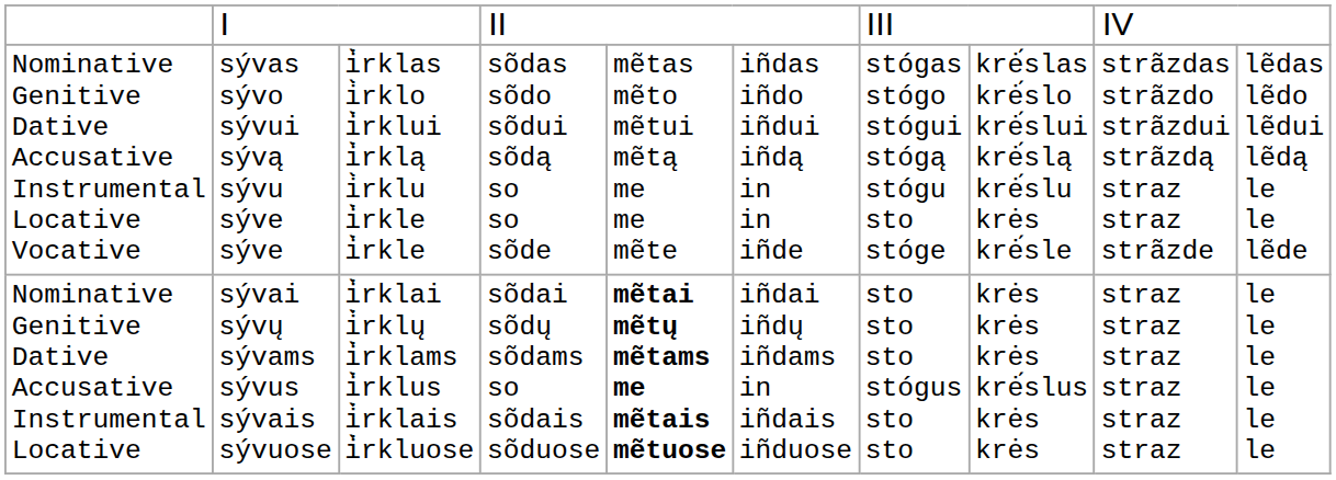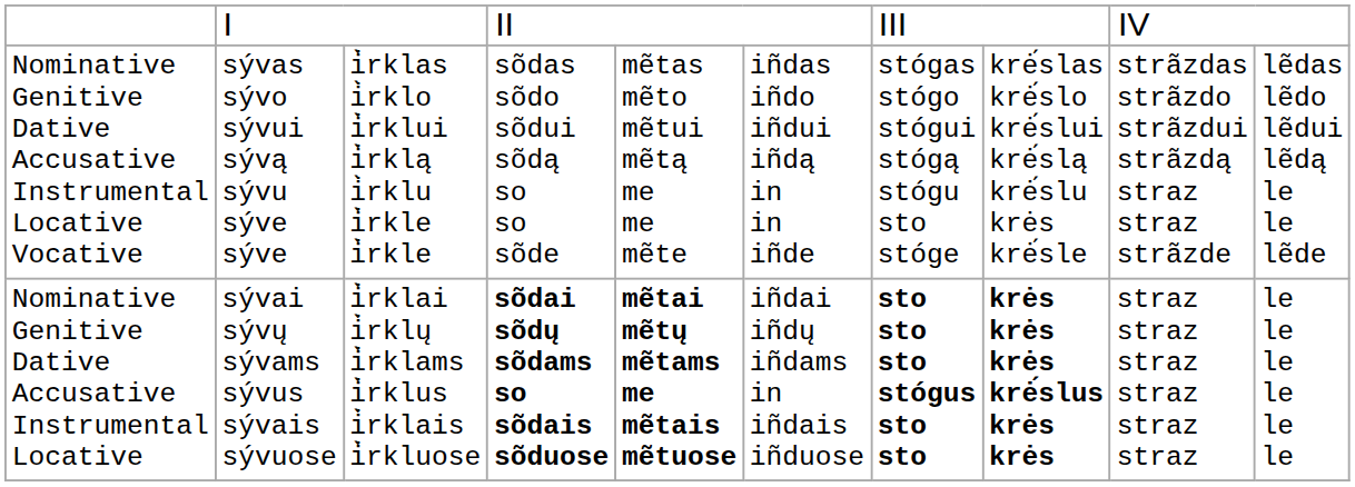 <table class=wikitable style="font-family: monospace; background:#FFFFFF">
 <tr style="font-family: sans-serif; line-height: 0.7em">
 <td></td>
 <td colspan=2>I</td>
 <td colspan=3>II</td>
 <td colspan=2>III</td>
 <td colspan=2>IV</td>
 </tr>
 <tr>
 <td>Nominative<br>Genitive<br>Dative<br>Accusative<br>Instrumental<br>Locative<br>Vocative</td>
 <td>sývas<br>sývo<br>sývui<br>sývą<br>sývu<br>sýve<br>sýve</td>
 <td>i̇̀rklas<br>i̇̀rklo<br>i̇̀rklui<br>i̇̀rklą<br>i̇̀rklu<br>i̇̀rkle<br>i̇̀rkle</td>
 <td>sõdas<br>sõdo<br>sõdui<br>sõdą<br>so<br>so<br>sõde</td>
 <td>mẽtas<br>mẽto<br>mẽtui<br>mẽtą<br>me<br>me<br>mẽte</td>
 <td>iñdas<br>iñdo<br>iñdui<br>iñdą<br>in<br>in<br>iñde</td>
 <td>stógas<br>stógo<br>stógui<br>stógą<br>stógu<br>sto<br>stóge</td>
 <td>krė́slas<br>krė́slo<br>krė́slui<br>krė́slą<br>krė́slu<br>krės<br>krė́sle</td>
 <td>strãzdas<br>strãzdo<br>strãzdui<br>strãzdą<br>straz<br>straz<br>strãzde</td>
 <td>lẽdas<br>lẽdo<br>lẽdui<br>lẽdą<br>le<br>le<br>lẽde</td>
 </tr>
 <tr>
 <td>Nominative<br>Genitive<br>Dative<br>Accusative<br>Instrumental<br>Locative</td>
 <td>sývai<br>sývų<br>sývams<br>sývus<br>sývais<br>sývuose</td>
 <td>i̇̀rklai<br>i̇̀rklų<br>i̇̀rklams<br>i̇̀rklus<br>i̇̀rklais<br>i̇̀rkluose</td>
-<td>sõdai<br>sõdų<br>sõdams<br>so<br>sõdais<br>sõduose</td>
+<td><strong>sõdai<br>sõdų<br>sõdams<br>so<br>sõdais<br>sõduose</strong></td>
 <td><strong>mẽtai<br>mẽtų<br>mẽtams<br>me<br>mẽtais<br>mẽtuose</strong></td>
 <td>iñdai<br>iñdų<br>iñdams<br>in<br>iñdais<br>iñduose</td>
-<td>sto<br>sto<br>sto<br>stógus<br>sto<br>sto</td>
-<td>krės<br>krės<br>krės<br>krė́slus<br>krės<br>krės</td>
+<td><strong>sto<br>sto<br>sto<br>stógus<br>sto<br>sto</strong></td>
+<td><strong>krės<br>krės<br>krės<br>krė́slus<br>krės<br>krės</strong></td>
 <td>straz<br>straz<br>straz<br>straz<br>straz<br>straz</td>
 <td>le<br>le<br>le<br>le<br>le<br>le</td>
 </tr>
 </table>
